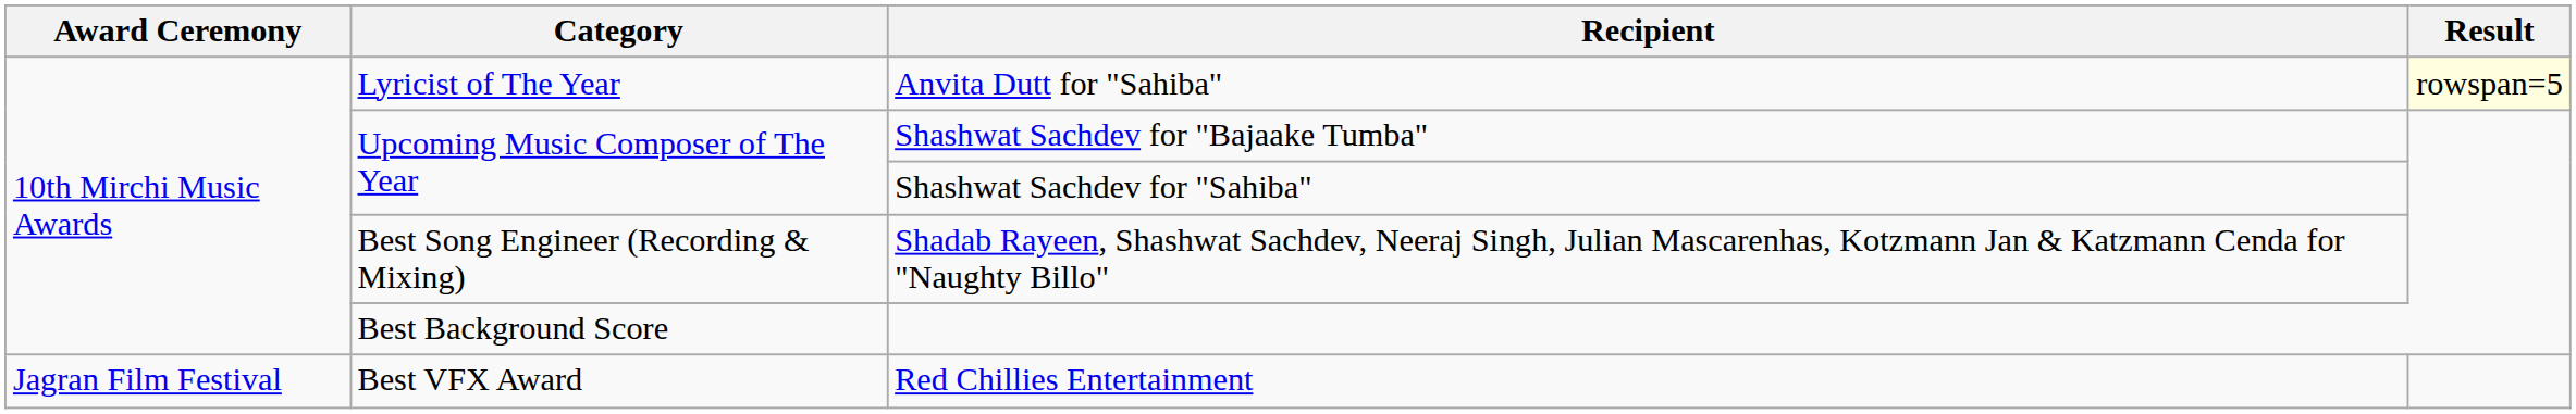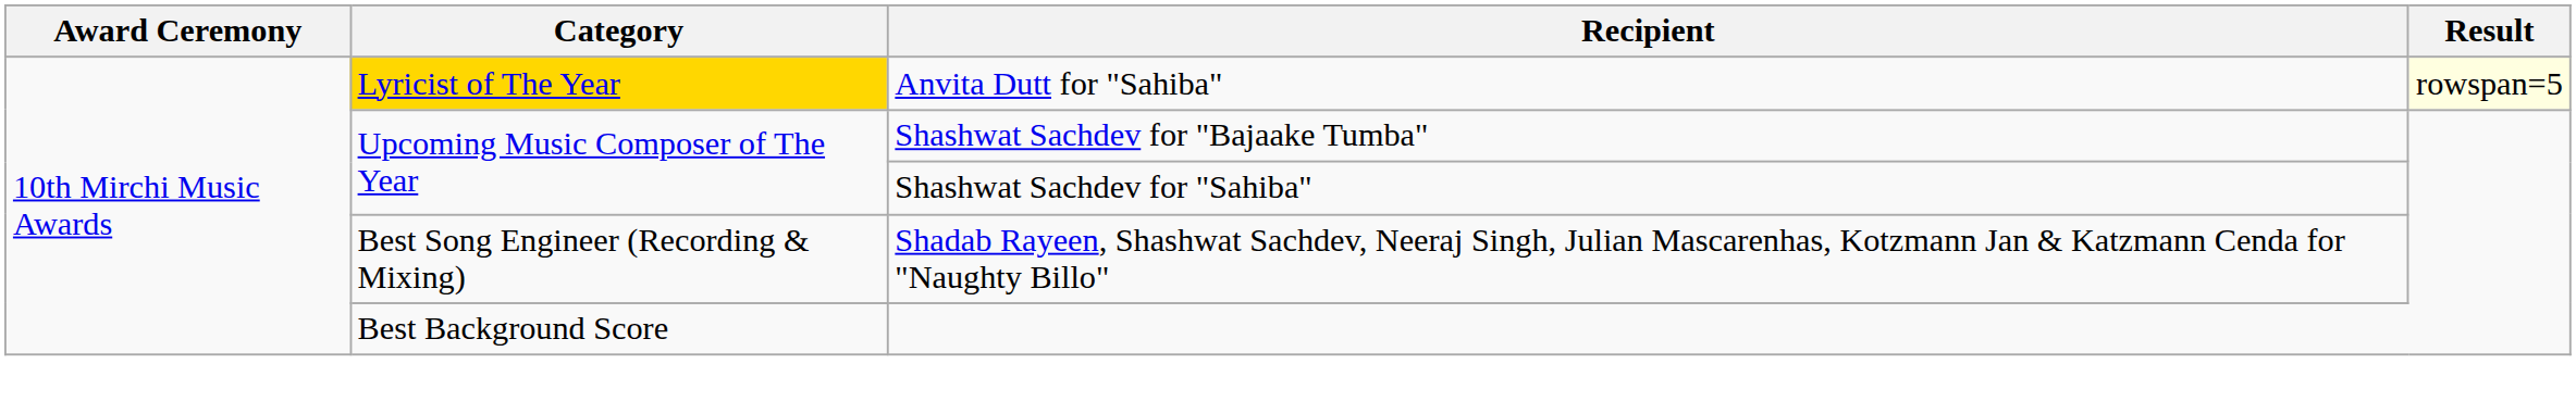 <table class="wikitable sortable">
 <tr>
 <th>Award Ceremony</th>
 <th>Category</th>
 <th>Recipient</th>
 <th>Result</th>
 </tr>
 <tr>
 <td rowspan=5><a href='#'>10th Mirchi Music Awards</a></td>
-<td><a href='#'>Lyricist of The Year</a></td>
+<td style="background: gold;"><a href='#'>Lyricist of The Year</a></td>
 <td><a href='#'>Anvita Dutt</a> for "Sahiba"</td>
 <td style="background: lightyellow;">rowspan=5 </td>
 </tr>
 <tr>
 <td rowspan=2><a href='#'>Upcoming Music Composer of The Year</a></td>
 <td><a href='#'>Shashwat Sachdev</a> for "Bajaake Tumba"</td>
 </tr>
 <tr>
 <td>Shashwat Sachdev for "Sahiba"</td>
 </tr>
 <tr>
 <td>Best Song Engineer (Recording & Mixing)</td>
 <td><a href='#'>Shadab Rayeen</a>, Shashwat Sachdev, Neeraj Singh, Julian Mascarenhas, Kotzmann Jan & Katzmann Cenda for "Naughty Billo"</td>
 </tr>
 <tr>
 <td>Best Background Score</td>
 </tr>
-<tr>
-<td><a href='#'>Jagran Film Festival</a></td>
-<td>Best VFX Award</td>
-<td><a href='#'>Red Chillies Entertainment</a></td>
-<td></td>
-</tr>
 </table>
